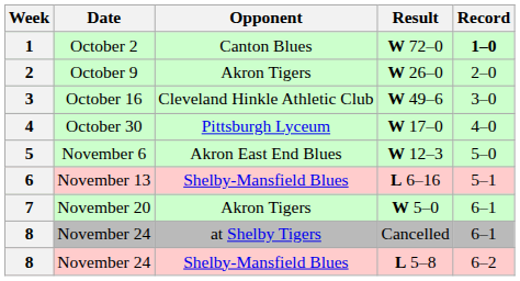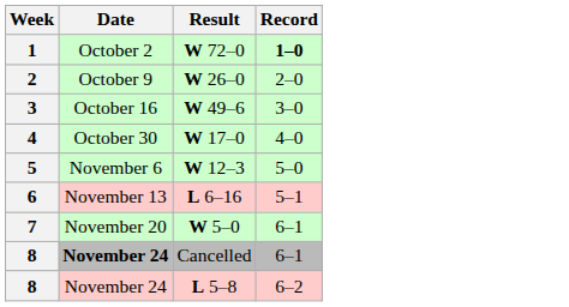 <table class="wikitable" style="text-align:center">
 <tr>
 <th>Week</th>
 <th>Date</th>
-<th>Opponent</th>
 <th>Result</th>
 <th>Record</th>
 </tr>
 <tr style="background:#cfc">
 <th>1</th>
 <td>October 2</td>
-<td>Canton Blues</td>
 <td><strong>W</strong> 72–0</td>
 <td><strong>1–0</strong></td>
 </tr>
 <tr style="background:#cfc">
 <th>2</th>
 <td>October 9</td>
-<td>Akron Tigers</td>
 <td><strong>W</strong> 26–0</td>
 <td>2–0</td>
 </tr>
 <tr style="background:#cfc">
 <th>3</th>
 <td>October 16</td>
-<td>Cleveland Hinkle Athletic Club</td>
 <td><strong>W</strong> 49–6</td>
 <td>3–0</td>
 </tr>
 <tr style="background:#cfc">
 <th>4</th>
 <td>October 30</td>
-<td><a href='#'>Pittsburgh Lyceum</a></td>
 <td><strong>W</strong> 17–0</td>
 <td>4–0</td>
 </tr>
 <tr style="background:#cfc">
 <th>5</th>
 <td>November 6</td>
-<td>Akron East End Blues</td>
 <td><strong>W</strong> 12–3</td>
 <td>5–0</td>
 </tr>
 <tr style="background:#fcc">
 <th>6</th>
 <td>November 13</td>
-<td><a href='#'>Shelby-Mansfield Blues</a></td>
 <td><strong>L</strong> 6–16</td>
 <td>5–1</td>
 </tr>
 <tr style="background:#cfc">
 <th>7</th>
 <td>November 20</td>
-<td>Akron Tigers</td>
 <td><strong>W</strong> 5–0</td>
 <td>6–1</td>
 </tr>
 <tr style="background:#bababa">
 <th>8</th>
-<td>November 24</td>
-<td>at <a href='#'>Shelby Tigers</a></td>
+<td><strong>November 24</strong></td>
 <td>Cancelled</td>
 <td>6–1</td>
 </tr>
 <tr style="background:#fcc">
 <th>8</th>
 <td>November 24</td>
-<td><a href='#'>Shelby-Mansfield Blues</a></td>
 <td><strong>L</strong> 5–8</td>
 <td>6–2</td>
 </tr>
 </table>
